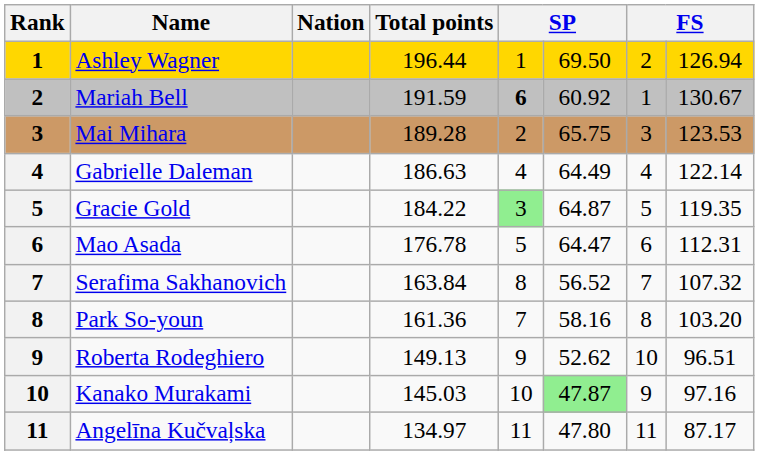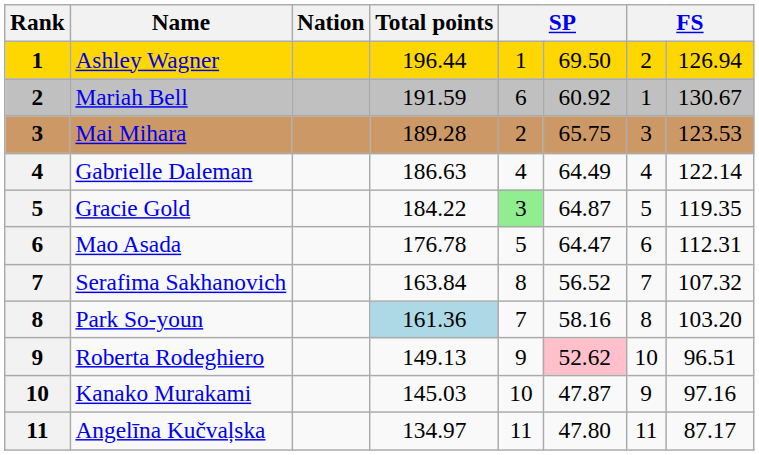 <table class="wikitable sortable">
 <tr>
 <th>Rank</th>
 <th>Name</th>
 <th>Nation</th>
 <th>Total points</th>
 <th colspan="2" width="80px"><a href='#'>SP</a></th>
 <th colspan="2" width="80px"><a href='#'>FS</a></th>
 </tr>
 <tr bgcolor="gold">
 <td align="center"><strong>1</strong></td>
 <td><a href='#'>Ashley Wagner</a></td>
 <td></td>
 <td align="center">196.44</td>
 <td align="center">1</td>
 <td align="center">69.50</td>
 <td align="center">2</td>
 <td align="center">126.94</td>
 </tr>
 <tr bgcolor="silver">
 <td align="center"><strong>2</strong></td>
 <td><a href='#'>Mariah Bell</a></td>
 <td></td>
 <td align="center">191.59</td>
-<td align="center"><strong>6</strong></td>
+<td align="center">6</td>
 <td align="center">60.92</td>
 <td align="center">1</td>
 <td align="center">130.67</td>
 </tr>
 <tr bgcolor="cc9966">
 <td align="center"><strong>3</strong></td>
 <td><a href='#'>Mai Mihara</a></td>
 <td></td>
 <td align="center">189.28</td>
 <td align="center">2</td>
 <td align="center">65.75</td>
 <td align="center">3</td>
 <td align="center">123.53</td>
 </tr>
 <tr>
 <th>4</th>
 <td><a href='#'>Gabrielle Daleman</a></td>
 <td></td>
 <td align="center">186.63</td>
 <td align="center">4</td>
 <td align="center">64.49</td>
 <td align="center">4</td>
 <td align="center">122.14</td>
 </tr>
 <tr>
 <th>5</th>
 <td><a href='#'>Gracie Gold</a></td>
 <td></td>
 <td align="center">184.22</td>
 <td align="center" style="background: lightgreen;">3</td>
 <td align="center">64.87</td>
 <td align="center">5</td>
 <td align="center">119.35</td>
 </tr>
 <tr>
 <th>6</th>
 <td><a href='#'>Mao Asada</a></td>
 <td></td>
 <td align="center">176.78</td>
 <td align="center">5</td>
 <td align="center">64.47</td>
 <td align="center">6</td>
 <td align="center">112.31</td>
 </tr>
 <tr>
 <th>7</th>
 <td><a href='#'>Serafima Sakhanovich</a></td>
 <td></td>
 <td align="center">163.84</td>
 <td align="center">8</td>
 <td align="center">56.52</td>
 <td align="center">7</td>
 <td align="center">107.32</td>
 </tr>
 <tr>
 <th>8</th>
 <td><a href='#'>Park So-youn</a></td>
 <td></td>
-<td align="center">161.36</td>
+<td align="center" style="background: lightblue;">161.36</td>
 <td align="center">7</td>
 <td align="center">58.16</td>
 <td align="center">8</td>
 <td align="center">103.20</td>
 </tr>
 <tr>
 <th>9</th>
 <td><a href='#'>Roberta Rodeghiero</a></td>
 <td></td>
 <td align="center">149.13</td>
 <td align="center">9</td>
-<td align="center">52.62</td>
+<td align="center" style="background: pink;">52.62</td>
 <td align="center">10</td>
 <td align="center">96.51</td>
 </tr>
 <tr>
 <th>10</th>
 <td><a href='#'>Kanako Murakami</a></td>
 <td></td>
 <td align="center">145.03</td>
 <td align="center">10</td>
-<td align="center" style="background: lightgreen;">47.87</td>
+<td align="center">47.87</td>
 <td align="center">9</td>
 <td align="center">97.16</td>
 </tr>
 <tr>
 <th>11</th>
 <td><a href='#'>Angelīna Kučvaļska</a></td>
 <td></td>
 <td align="center">134.97</td>
 <td align="center">11</td>
 <td align="center">47.80</td>
 <td align="center">11</td>
 <td align="center">87.17</td>
 </tr>
 </table>
